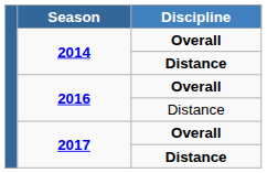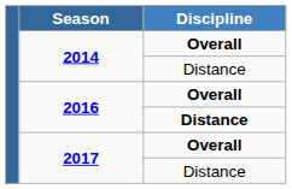 <table class="wikitable"  style="font-size:95%; text-align:center; border:gray solid 1px; width:30%;">
 <tr style="background:#369; color:white;">
 <td rowspan="10" style="width:1%;"></td>
 <td rowspan="2" colspan="1" style="width:10%;"><strong>Season</strong></td>
 </tr>
 <tr style="background-color:#4180be; color:white;">
 <td style="width:10%;"><strong>Discipline</strong></td>
 </tr>
 <tr>
 <td rowspan=2><strong><a href='#'>2014</a></strong></td>
 <td><strong>Overall</strong></td>
 </tr>
 <tr>
-<td><strong>Distance</strong></td>
+<td>Distance</td>
 </tr>
 <tr>
 <td rowspan=2><strong><a href='#'>2016</a></strong></td>
 <td><strong>Overall</strong></td>
 </tr>
 <tr>
-<td>Distance</td>
+<td><strong>Distance</strong></td>
 </tr>
 <tr>
 <td rowspan=2><strong><a href='#'>2017</a></strong></td>
 <td><strong>Overall</strong></td>
 </tr>
 <tr>
-<td><strong>Distance</strong></td>
+<td>Distance</td>
 </tr>
 </table>
